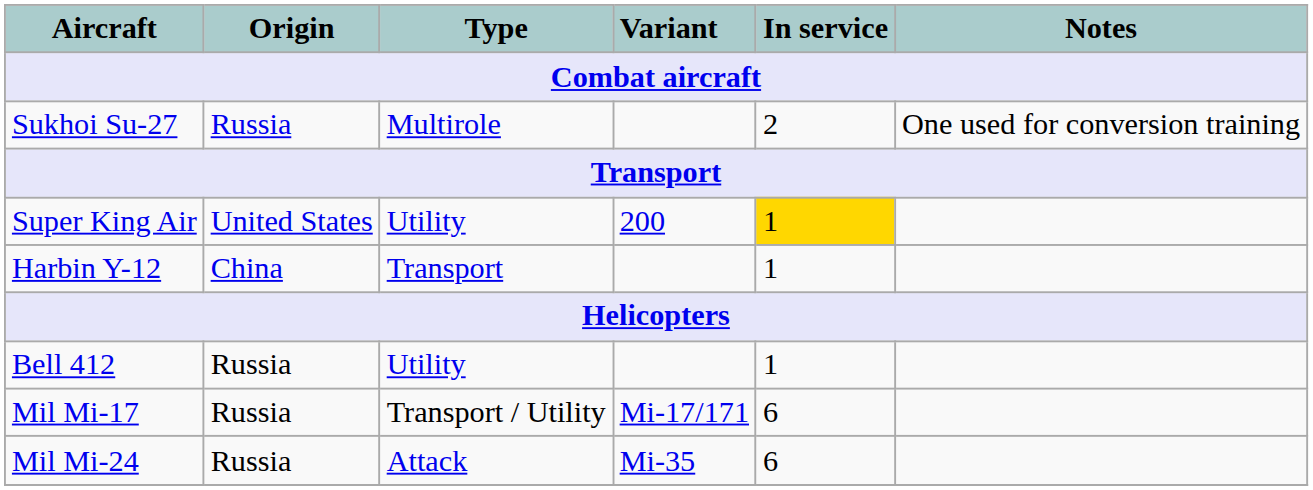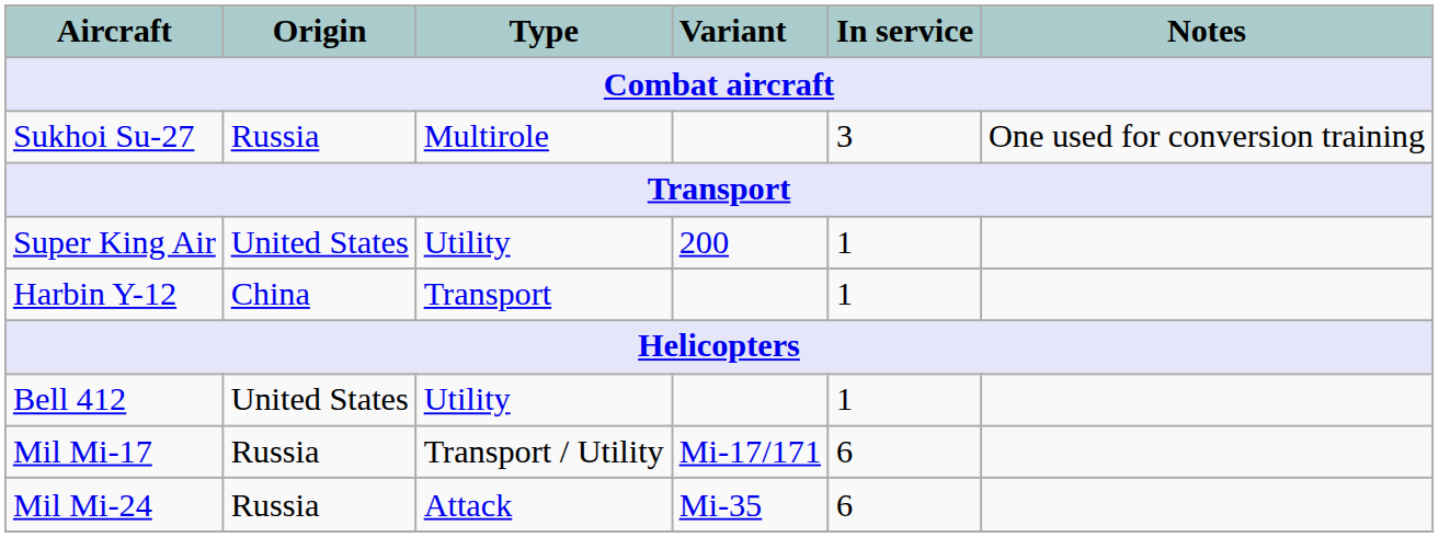 <table class="wikitable">
 <tr>
 <th style="text-align:center; background:#acc;">Aircraft</th>
 <th style="text-align: center; background:#acc;">Origin</th>
 <th style="text-align:l center; background:#acc;">Type</th>
 <th style="text-align:left; background:#acc;">Variant</th>
 <th style="text-align:center; background:#acc;">In service</th>
 <th style="text-align: center; background:#acc;">Notes</th>
 </tr>
 <tr>
 <th style="align: center; background: lavender;" colspan="7"><a href='#'>Combat aircraft</a></th>
 </tr>
 <tr>
 <td><a href='#'>Sukhoi Su-27</a></td>
 <td><a href='#'>Russia</a></td>
 <td><a href='#'>Multirole</a></td>
 <td></td>
-<td>2</td>
+<td>3</td>
 <td>One used for conversion training</td>
 </tr>
 <tr>
 <th style="align: center; background: lavender;" colspan="7"><a href='#'>Transport</a></th>
 </tr>
 <tr>
 <td><a href='#'>Super King Air</a></td>
 <td><a href='#'>United States</a></td>
 <td><a href='#'>Utility</a></td>
 <td><a href='#'> 200</a></td>
-<td style="background: gold;">1</td>
+<td>1</td>
 <td></td>
 </tr>
 <tr>
 <td><a href='#'>Harbin Y-12</a></td>
 <td><a href='#'>China</a></td>
 <td><a href='#'>Transport</a></td>
 <td></td>
 <td>1</td>
 <td></td>
 </tr>
 <tr>
 <th style="align: center; background: lavender;" colspan="7"><a href='#'>Helicopters</a></th>
 </tr>
 <tr>
 <td><a href='#'>Bell 412</a></td>
-<td>Russia</td>
+<td>United States</td>
 <td><a href='#'>Utility</a></td>
 <td></td>
 <td>1</td>
 <td></td>
 </tr>
 <tr>
 <td><a href='#'>Mil Mi-17</a></td>
 <td>Russia</td>
 <td>Transport / Utility</td>
 <td><a href='#'>Mi-17/171</a></td>
 <td>6</td>
 <td></td>
 </tr>
 <tr>
 <td><a href='#'>Mil Mi-24</a></td>
 <td>Russia</td>
 <td><a href='#'>Attack</a></td>
 <td><a href='#'>Mi-35</a></td>
 <td>6</td>
 <td></td>
 </tr>
 <tr>
 </tr>
 </table>
